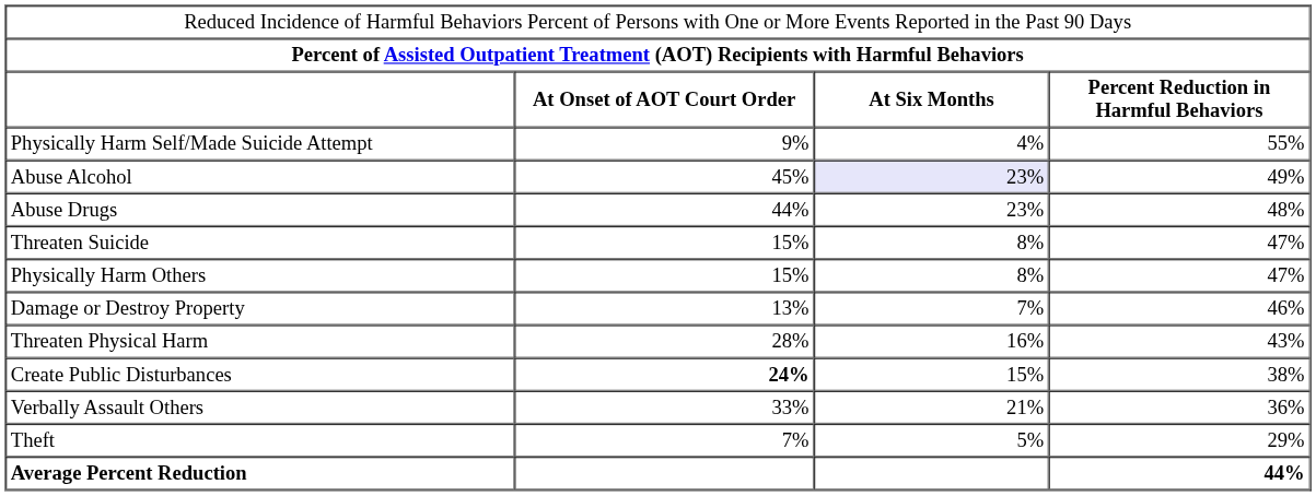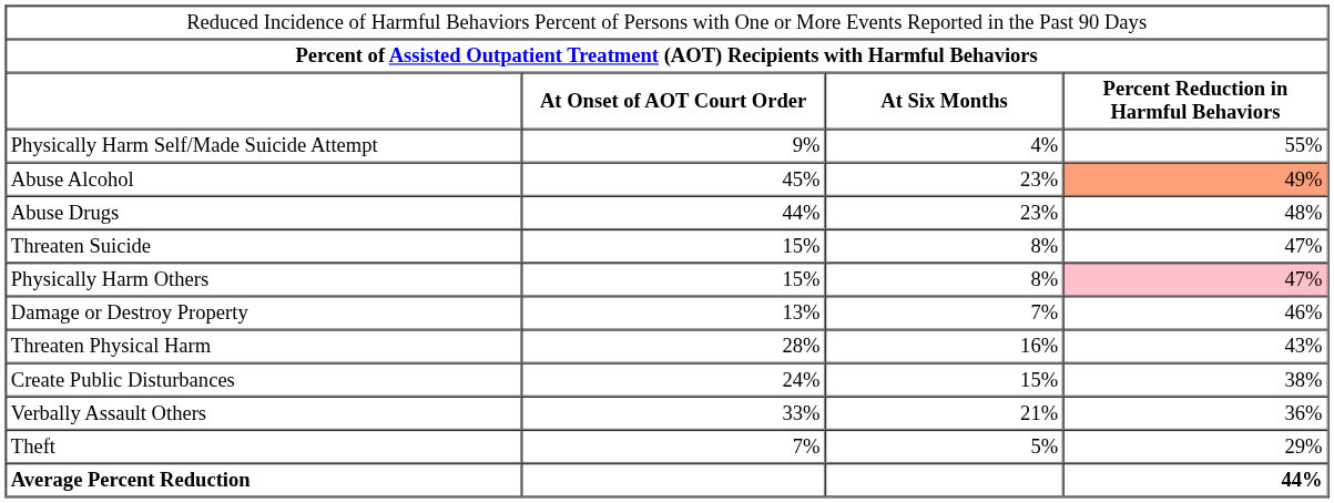 <table style="width:65%;" border="1" cellpadding="3" cellspacing="0" summary="format only">
 <tr>
 <td colspan="4" style="text-align:center;">Reduced Incidence of Harmful Behaviors Percent of Persons with One or More Events Reported in the Past 90 Days</td>
 </tr>
 <tr>
 <td colspan="4" style="text-align:center;"><strong>Percent of <a href='#'>Assisted Outpatient Treatment</a> (AOT) Recipients with Harmful Behaviors</strong></td>
 </tr>
 <tr>
 <td><strong>  </strong></td>
 <th scope="col" style="width:23%;">At Onset of AOT Court Order</th>
 <th scope="col" style="width:18%;">At Six Months</th>
 <th scope="col" style="width:20%;">Percent Reduction in Harmful Behaviors</th>
 </tr>
 <tr>
 <td>Physically Harm Self/Made Suicide Attempt</td>
 <td style="text-align:right;">9%</td>
 <td style="text-align:right;">4%</td>
 <td style="text-align:right;">55%</td>
 </tr>
 <tr>
 <td>Abuse Alcohol</td>
 <td style="text-align:right;">45%</td>
-<td style="background: lavender; text-align:right;">23%</td>
-<td style="text-align:right;">49%</td>
+<td style="text-align:right;">23%</td>
+<td style="background: lightsalmon; text-align:right;">49%</td>
 </tr>
 <tr>
 <td>Abuse Drugs</td>
 <td style="text-align:right;">44%</td>
 <td style="text-align:right;">23%</td>
 <td style="text-align:right;">48%</td>
 </tr>
 <tr>
 <td>Threaten Suicide</td>
 <td style="text-align:right;">15%</td>
 <td style="text-align:right;">8%</td>
 <td style="text-align:right;">47%</td>
 </tr>
 <tr>
 <td>Physically Harm Others</td>
 <td style="text-align:right;">15%</td>
 <td style="text-align:right;">8%</td>
-<td style="text-align:right;">47%</td>
+<td style="background: pink; text-align:right;">47%</td>
 </tr>
 <tr>
 <td>Damage or Destroy Property</td>
 <td style="text-align:right;">13%</td>
 <td style="text-align:right;">7%</td>
 <td style="text-align:right;">46%</td>
 </tr>
 <tr>
 <td>Threaten Physical Harm</td>
 <td style="text-align:right;">28%</td>
 <td style="text-align:right;">16%</td>
 <td style="text-align:right;">43%</td>
 </tr>
 <tr>
 <td>Create Public Disturbances</td>
-<td style="text-align:right;"><strong>24%</strong></td>
+<td style="text-align:right;">24%</td>
 <td style="text-align:right;">15%</td>
 <td style="text-align:right;">38%</td>
 </tr>
 <tr>
 <td>Verbally Assault Others</td>
 <td style="text-align:right;">33%</td>
 <td style="text-align:right;">21%</td>
 <td style="text-align:right;">36%</td>
 </tr>
 <tr>
 <td>Theft</td>
 <td style="text-align:right;">7%</td>
 <td style="text-align:right;">5%</td>
 <td style="text-align:right;">29%</td>
 </tr>
 <tr>
 <td><strong>Average Percent Reduction</strong></td>
 <td><strong> </strong></td>
 <td><strong> </strong></td>
 <td style="text-align:right;"><strong>44%</strong></td>
 </tr>
 </table>
